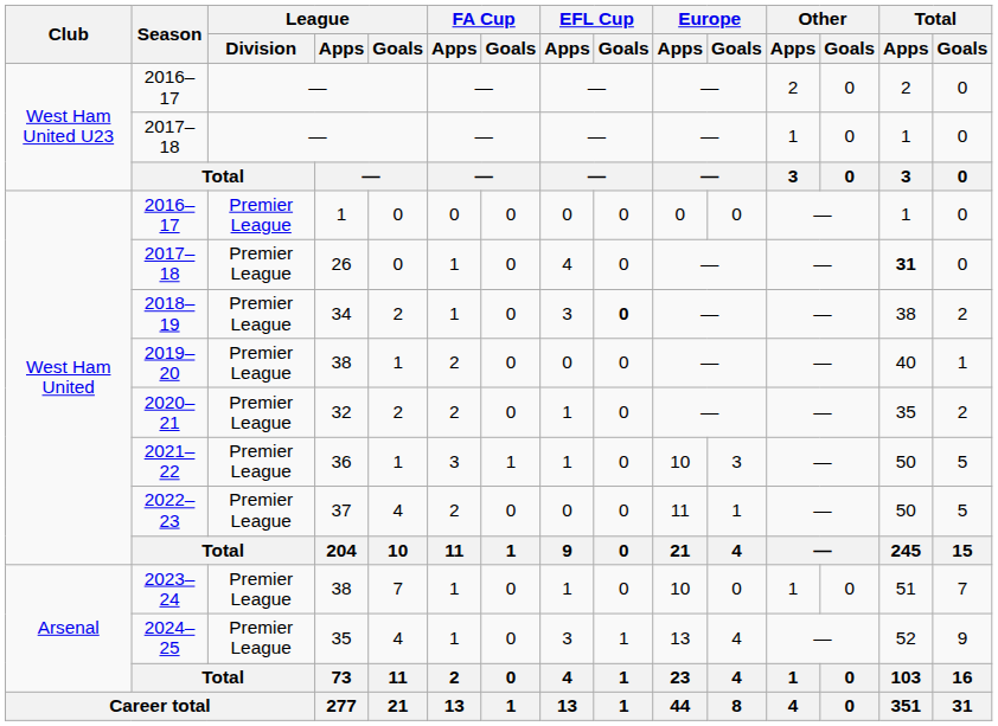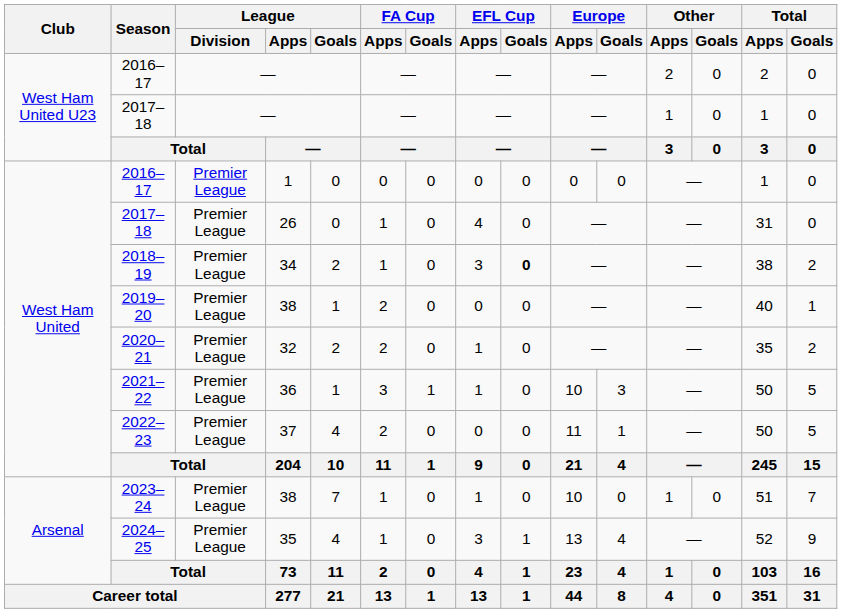 <table class="wikitable" style="text-align: center;">
 <tr>
 <th rowspan="2">Club</th>
 <th rowspan="2">Season</th>
 <th colspan="3">League</th>
 <th colspan="2"><a href='#'>FA Cup</a></th>
 <th colspan="2"><a href='#'>EFL Cup</a></th>
 <th colspan="2"><a href='#'>Europe</a></th>
 <th colspan="2">Other</th>
 <th colspan="2">Total</th>
 </tr>
 <tr>
 <th>Division</th>
 <th>Apps</th>
 <th>Goals</th>
 <th>Apps</th>
 <th>Goals</th>
 <th>Apps</th>
 <th>Goals</th>
 <th>Apps</th>
 <th>Goals</th>
 <th>Apps</th>
 <th>Goals</th>
 <th>Apps</th>
 <th>Goals</th>
 </tr>
 <tr>
 <td rowspan="3"><a href='#'>West Ham United U23</a></td>
 <td>2016–17</td>
 <td colspan="3">—</td>
 <td colspan="2">—</td>
 <td colspan="2">—</td>
 <td colspan="2">—</td>
 <td>2</td>
 <td>0</td>
 <td>2</td>
 <td>0</td>
 </tr>
 <tr>
 <td>2017–18</td>
 <td colspan="3">—</td>
 <td colspan="2">—</td>
 <td colspan="2">—</td>
 <td colspan="2">—</td>
 <td>1</td>
 <td>0</td>
 <td>1</td>
 <td>0</td>
 </tr>
 <tr>
 <th colspan="2">Total</th>
 <th colspan="2">—</th>
 <th colspan="2">—</th>
 <th colspan="2">—</th>
 <th colspan="2">—</th>
 <th>3</th>
 <th>0</th>
 <th>3</th>
 <th>0</th>
 </tr>
 <tr>
 <td rowspan="8"><a href='#'>West Ham United</a></td>
 <td><a href='#'>2016–17</a></td>
 <td><a href='#'>Premier League</a></td>
 <td>1</td>
 <td>0</td>
 <td>0</td>
 <td>0</td>
 <td>0</td>
 <td>0</td>
 <td>0</td>
 <td>0</td>
 <td colspan="2">—</td>
 <td>1</td>
 <td>0</td>
 </tr>
 <tr>
 <td><a href='#'>2017–18</a></td>
 <td>Premier League</td>
 <td>26</td>
 <td>0</td>
 <td>1</td>
 <td>0</td>
 <td>4</td>
 <td>0</td>
 <td colspan="2">—</td>
 <td colspan="2">—</td>
-<td><strong>31</strong></td>
+<td>31</td>
 <td>0</td>
 </tr>
 <tr>
 <td><a href='#'>2018–19</a></td>
 <td>Premier League</td>
 <td>34</td>
 <td>2</td>
 <td>1</td>
 <td>0</td>
 <td>3</td>
 <td><strong>0</strong></td>
 <td colspan="2">—</td>
 <td colspan="2">—</td>
 <td>38</td>
 <td>2</td>
 </tr>
 <tr>
 <td><a href='#'>2019–20</a></td>
 <td>Premier League</td>
 <td>38</td>
 <td>1</td>
 <td>2</td>
 <td>0</td>
 <td>0</td>
 <td>0</td>
 <td colspan="2">—</td>
 <td colspan="2">—</td>
 <td>40</td>
 <td>1</td>
 </tr>
 <tr>
 <td><a href='#'>2020–21</a></td>
 <td>Premier League</td>
 <td>32</td>
 <td>2</td>
 <td>2</td>
 <td>0</td>
 <td>1</td>
 <td>0</td>
 <td colspan="2">—</td>
 <td colspan="2">—</td>
 <td>35</td>
 <td>2</td>
 </tr>
 <tr>
 <td><a href='#'>2021–22</a></td>
 <td>Premier League</td>
 <td>36</td>
 <td>1</td>
 <td>3</td>
 <td>1</td>
 <td>1</td>
 <td>0</td>
 <td>10</td>
 <td>3</td>
 <td colspan="2">—</td>
 <td>50</td>
 <td>5</td>
 </tr>
 <tr>
 <td><a href='#'>2022–23</a></td>
 <td>Premier League</td>
 <td>37</td>
 <td>4</td>
 <td>2</td>
 <td>0</td>
 <td>0</td>
 <td>0</td>
 <td>11</td>
 <td>1</td>
 <td colspan="2">—</td>
 <td>50</td>
 <td>5</td>
 </tr>
 <tr>
 <th colspan="2">Total</th>
 <th>204</th>
 <th>10</th>
 <th>11</th>
 <th>1</th>
 <th>9</th>
 <th>0</th>
 <th>21</th>
 <th>4</th>
 <th colspan="2">—</th>
 <th>245</th>
 <th>15</th>
 </tr>
 <tr>
 <td rowspan="3"><a href='#'>Arsenal</a></td>
 <td><a href='#'>2023–24</a></td>
 <td>Premier League</td>
 <td>38</td>
 <td>7</td>
 <td>1</td>
 <td>0</td>
 <td>1</td>
 <td>0</td>
 <td>10</td>
 <td>0</td>
 <td>1</td>
 <td>0</td>
 <td>51</td>
 <td>7</td>
 </tr>
 <tr>
 <td><a href='#'>2024–25</a></td>
 <td>Premier League</td>
 <td>35</td>
 <td>4</td>
 <td>1</td>
 <td>0</td>
 <td>3</td>
 <td>1</td>
 <td>13</td>
 <td>4</td>
 <td colspan="2">—</td>
 <td>52</td>
 <td>9</td>
 </tr>
 <tr>
 <th colspan="2">Total</th>
 <th>73</th>
 <th>11</th>
 <th>2</th>
 <th>0</th>
 <th>4</th>
 <th>1</th>
 <th>23</th>
 <th>4</th>
 <th>1</th>
 <th>0</th>
 <th>103</th>
 <th>16</th>
 </tr>
 <tr>
 <th colspan="3">Career total</th>
 <th>277</th>
 <th>21</th>
 <th>13</th>
 <th>1</th>
 <th>13</th>
 <th>1</th>
 <th>44</th>
 <th>8</th>
 <th>4</th>
 <th>0</th>
 <th>351</th>
 <th>31</th>
 </tr>
 </table>
